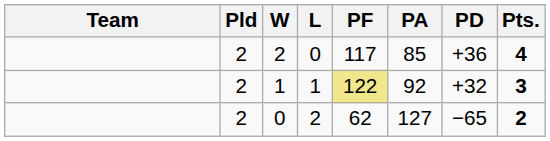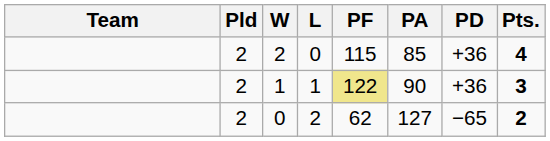 <table class=wikitable style="text-align:center">
 <tr>
 <th width=160>Team</th>
 <th width=20>Pld</th>
 <th width=20>W</th>
 <th width=20>L</th>
 <th width=35>PF</th>
 <th width=35>PA</th>
 <th width=35>PD</th>
 <th width=30>Pts.</th>
 </tr>
 <tr>
 <td align=left></td>
 <td>2</td>
 <td>2</td>
 <td>0</td>
-<td>117</td>
+<td>115</td>
 <td>85</td>
 <td>+36</td>
 <td><strong>4</strong></td>
 </tr>
 <tr>
 <td align=left></td>
 <td>2</td>
 <td>1</td>
 <td>1</td>
 <td style="background: khaki;">122</td>
-<td>92</td>
-<td>+32</td>
+<td>90</td>
+<td>+36</td>
 <td><strong>3</strong></td>
 </tr>
 <tr>
 <td align=left></td>
 <td>2</td>
 <td>0</td>
 <td>2</td>
 <td>62</td>
 <td>127</td>
 <td>−65</td>
 <td><strong>2</strong></td>
 </tr>
 </table>
